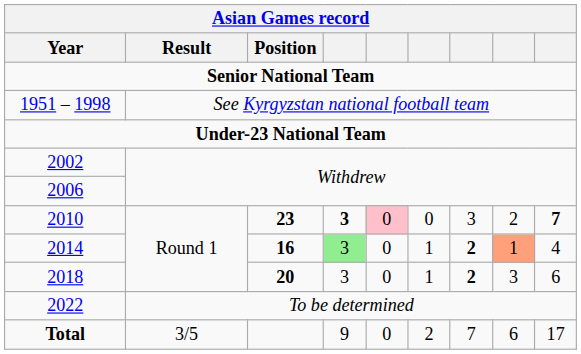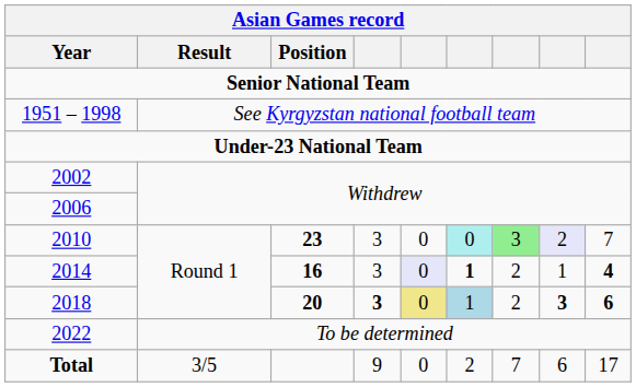 <table class="wikitable" style="text-align: center;">
 <tr>
 <th colspan=9><a href='#'>Asian Games record</a></th>
 </tr>
 <tr>
 <th style="width:100px;">Year</th>
 <th style="width:100px;">Result</th>
 <th style="width:60px;">Position</th>
 <th style="width:30px;"></th>
 <th style="width:30px;"></th>
 <th style="width:30px;"></th>
 <th style="width:30px;"></th>
 <th style="width:30px;"></th>
 <th style="width:30px;"></th>
 </tr>
 <tr>
 <td colspan=9><strong>Senior National Team</strong></td>
 </tr>
 <tr>
 <td><a href='#'>1951</a> – <a href='#'>1998</a></td>
 <td colspan=8><em>See <a href='#'>Kyrgyzstan national football team</a></em></td>
 </tr>
 <tr>
 <td colspan=9><strong>Under-23 National Team</strong></td>
 </tr>
 <tr>
 <td> <a href='#'>2002</a></td>
 <td rowspan=2 colspan=8><em>Withdrew</em></td>
 </tr>
 <tr>
 <td> <a href='#'>2006</a></td>
 </tr>
 <tr>
 <td> <a href='#'>2010</a></td>
 <td rowspan=3>Round 1</td>
 <td><strong>23</strong></td>
-<td><strong>3</strong></td>
-<td style="background: pink;">0</td>
+<td>3</td>
 <td>0</td>
-<td>3</td>
-<td>2</td>
-<td><strong>7</strong></td>
+<td style="background: paleturquoise;">0</td>
+<td style="background: lightgreen;">3</td>
+<td style="background: lavender;">2</td>
+<td>7</td>
 </tr>
 <tr>
 <td> <a href='#'>2014</a></td>
 <td><strong>16</strong></td>
-<td style="background: lightgreen;">3</td>
-<td>0</td>
+<td>3</td>
+<td style="background: lavender;">0</td>
+<td><strong>1</strong></td>
+<td>2</td>
 <td>1</td>
-<td><strong>2</strong></td>
-<td style="background: lightsalmon;">1</td>
-<td>4</td>
+<td><strong>4</strong></td>
 </tr>
 <tr>
 <td> <a href='#'>2018</a></td>
 <td><strong>20</strong></td>
-<td>3</td>
-<td>0</td>
-<td>1</td>
-<td><strong>2</strong></td>
-<td>3</td>
-<td>6</td>
+<td><strong>3</strong></td>
+<td style="background: khaki;">0</td>
+<td style="background: lightblue;">1</td>
+<td>2</td>
+<td><strong>3</strong></td>
+<td><strong>6</strong></td>
 </tr>
 <tr>
 <td> <a href='#'>2022</a></td>
 <td colspan=8><em>To be determined</em></td>
 </tr>
 <tr>
 <td><strong>Total</strong></td>
 <td>3/5</td>
 <td></td>
 <td>9</td>
 <td>0</td>
 <td>2</td>
 <td>7</td>
 <td>6</td>
 <td>17</td>
 </tr>
 </table>
